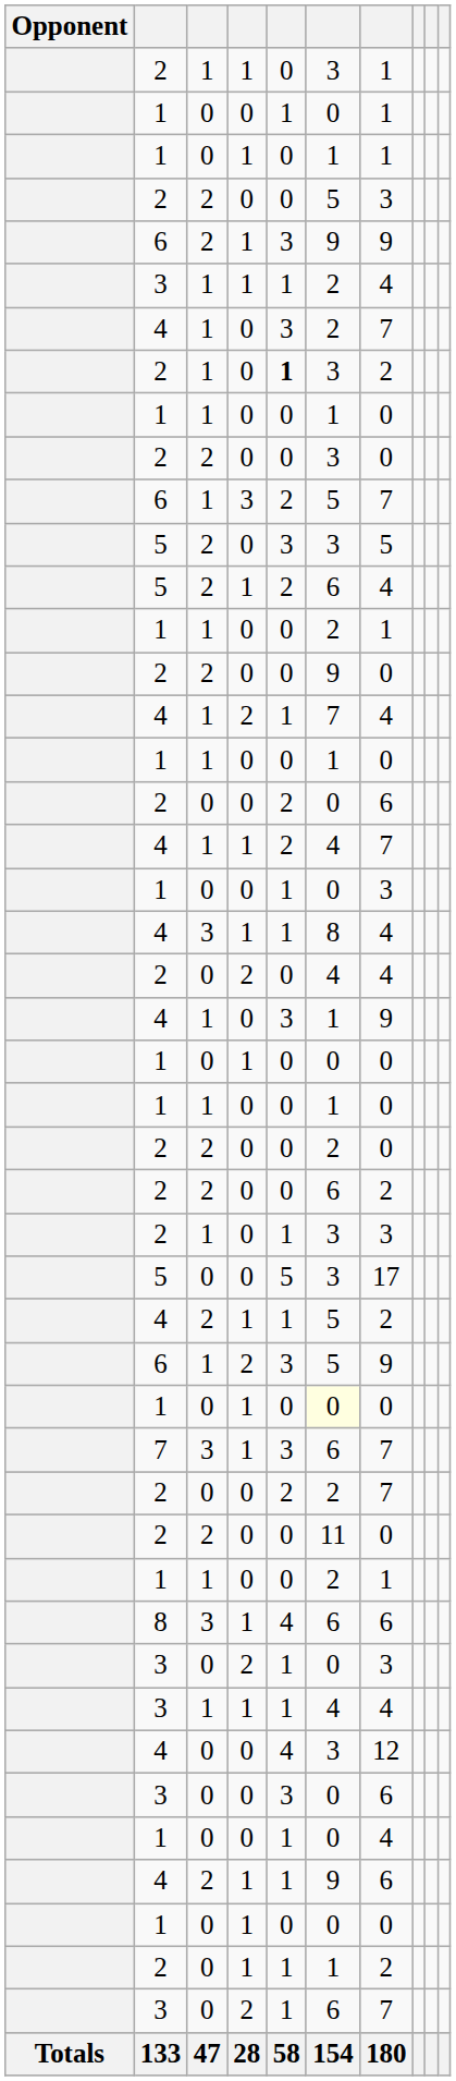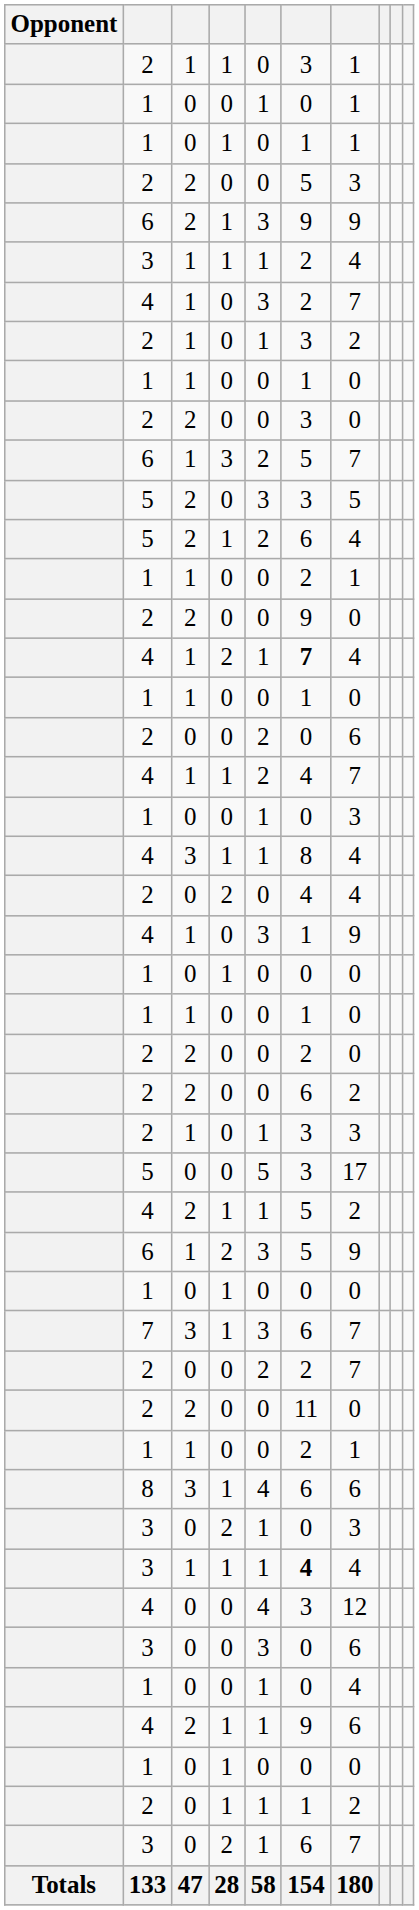 <table class="wikitable sortable plainrowheaders" style="text-align:center">
 <tr>
 <th scope=col>Opponent</th>
 <th scope=col></th>
 <th scope=col></th>
 <th scope=col></th>
 <th scope=col></th>
 <th scope=col></th>
 <th scope=col></th>
 <th scope=col></th>
 <th scope=col></th>
 <th scope=col></th>
 </tr>
 <tr>
 <th style="text-align:left;"scope=row></th>
 <td>2</td>
 <td>1</td>
 <td>1</td>
 <td>0</td>
 <td>3</td>
 <td>1</td>
 <td></td>
 <td></td>
 <td></td>
 </tr>
 <tr>
 <th style="text-align:left;"scope=row></th>
 <td>1</td>
 <td>0</td>
 <td>0</td>
 <td>1</td>
 <td>0</td>
 <td>1</td>
 <td></td>
 <td></td>
 <td></td>
 </tr>
 <tr>
 <th style="text-align:left;"scope=row></th>
 <td>1</td>
 <td>0</td>
 <td>1</td>
 <td>0</td>
 <td>1</td>
 <td>1</td>
 <td></td>
 <td></td>
 <td></td>
 </tr>
 <tr>
 <th style="text-align:left;"scope=row></th>
 <td>2</td>
 <td>2</td>
 <td>0</td>
 <td>0</td>
 <td>5</td>
 <td>3</td>
 <td></td>
 <td></td>
 <td></td>
 </tr>
 <tr>
 <th style="text-align:left;"scope=row></th>
 <td>6</td>
 <td>2</td>
 <td>1</td>
 <td>3</td>
 <td>9</td>
 <td>9</td>
 <td></td>
 <td></td>
 <td></td>
 </tr>
 <tr>
 <th style="text-align:left;"scope=row></th>
 <td>3</td>
 <td>1</td>
 <td>1</td>
 <td>1</td>
 <td>2</td>
 <td>4</td>
 <td></td>
 <td></td>
 <td></td>
 </tr>
 <tr>
 <th style="text-align:left;"scope=row></th>
 <td>4</td>
 <td>1</td>
 <td>0</td>
 <td>3</td>
 <td>2</td>
 <td>7</td>
 <td></td>
 <td></td>
 <td></td>
 </tr>
 <tr>
 <th style="text-align:left;"scope=row></th>
 <td>2</td>
 <td>1</td>
 <td>0</td>
-<td><strong>1</strong></td>
+<td>1</td>
 <td>3</td>
 <td>2</td>
 <td></td>
 <td></td>
 <td></td>
 </tr>
 <tr>
 <th style="text-align:left;"scope=row></th>
 <td>1</td>
 <td>1</td>
 <td>0</td>
 <td>0</td>
 <td>1</td>
 <td>0</td>
 <td></td>
 <td></td>
 <td></td>
 </tr>
 <tr>
 <th style="text-align:left;"scope=row></th>
 <td>2</td>
 <td>2</td>
 <td>0</td>
 <td>0</td>
 <td>3</td>
 <td>0</td>
 <td></td>
 <td></td>
 <td></td>
 </tr>
 <tr>
 <th style="text-align:left;"scope=row></th>
 <td>6</td>
 <td>1</td>
 <td>3</td>
 <td>2</td>
 <td>5</td>
 <td>7</td>
 <td></td>
 <td></td>
 <td></td>
 </tr>
 <tr>
 <th style="text-align:left;"scope=row></th>
 <td>5</td>
 <td>2</td>
 <td>0</td>
 <td>3</td>
 <td>3</td>
 <td>5</td>
 <td></td>
 <td></td>
 <td></td>
 </tr>
 <tr>
 <th style="text-align:left;"scope=row></th>
 <td>5</td>
 <td>2</td>
 <td>1</td>
 <td>2</td>
 <td>6</td>
 <td>4</td>
 <td></td>
 <td></td>
 <td></td>
 </tr>
 <tr>
 <th style="text-align:left;"scope=row></th>
 <td>1</td>
 <td>1</td>
 <td>0</td>
 <td>0</td>
 <td>2</td>
 <td>1</td>
 <td></td>
 <td></td>
 <td></td>
 </tr>
 <tr>
 <th style="text-align:left;"scope=row></th>
 <td>2</td>
 <td>2</td>
 <td>0</td>
 <td>0</td>
 <td>9</td>
 <td>0</td>
 <td></td>
 <td></td>
 <td></td>
 </tr>
 <tr>
 <th style="text-align:left;"scope=row></th>
 <td>4</td>
 <td>1</td>
 <td>2</td>
 <td>1</td>
-<td>7</td>
+<td><strong>7</strong></td>
 <td>4</td>
 <td></td>
 <td></td>
 <td></td>
 </tr>
 <tr>
 <th style="text-align:left;"scope=row></th>
 <td>1</td>
 <td>1</td>
 <td>0</td>
 <td>0</td>
 <td>1</td>
 <td>0</td>
 <td></td>
 <td></td>
 <td></td>
 </tr>
 <tr>
 <th style="text-align:left;"scope=row></th>
 <td>2</td>
 <td>0</td>
 <td>0</td>
 <td>2</td>
 <td>0</td>
 <td>6</td>
 <td></td>
 <td></td>
 <td></td>
 </tr>
 <tr>
 <th style="text-align:left;"scope=row></th>
 <td>4</td>
 <td>1</td>
 <td>1</td>
 <td>2</td>
 <td>4</td>
 <td>7</td>
 <td></td>
 <td></td>
 <td></td>
 </tr>
 <tr>
 <th style="text-align:left;"scope=row></th>
 <td>1</td>
 <td>0</td>
 <td>0</td>
 <td>1</td>
 <td>0</td>
 <td>3</td>
 <td></td>
 <td></td>
 <td></td>
 </tr>
 <tr>
 <th style="text-align:left;"scope=row></th>
 <td>4</td>
 <td>3</td>
 <td>1</td>
 <td>1</td>
 <td>8</td>
 <td>4</td>
 <td></td>
 <td></td>
 <td></td>
 </tr>
 <tr>
 <th style="text-align:left;"scope=row></th>
 <td>2</td>
 <td>0</td>
 <td>2</td>
 <td>0</td>
 <td>4</td>
 <td>4</td>
 <td></td>
 <td></td>
 <td></td>
 </tr>
 <tr>
 <th style="text-align:left;"scope=row></th>
 <td>4</td>
 <td>1</td>
 <td>0</td>
 <td>3</td>
 <td>1</td>
 <td>9</td>
 <td></td>
 <td></td>
 <td></td>
 </tr>
 <tr>
 <th style="text-align:left;"scope=row></th>
 <td>1</td>
 <td>0</td>
 <td>1</td>
 <td>0</td>
 <td>0</td>
 <td>0</td>
 <td></td>
 <td></td>
 <td></td>
 </tr>
 <tr>
 <th style="text-align:left;"scope=row></th>
 <td>1</td>
 <td>1</td>
 <td>0</td>
 <td>0</td>
 <td>1</td>
 <td>0</td>
 <td></td>
 <td></td>
 <td></td>
 </tr>
 <tr>
 <th style="text-align:left;"scope=row></th>
 <td>2</td>
 <td>2</td>
 <td>0</td>
 <td>0</td>
 <td>2</td>
 <td>0</td>
 <td></td>
 <td></td>
 <td></td>
 </tr>
 <tr>
 <th style="text-align:left;"scope=row></th>
 <td>2</td>
 <td>2</td>
 <td>0</td>
 <td>0</td>
 <td>6</td>
 <td>2</td>
 <td></td>
 <td></td>
 <td></td>
 </tr>
 <tr>
 <th style="text-align:left;"scope=row></th>
 <td>2</td>
 <td>1</td>
 <td>0</td>
 <td>1</td>
 <td>3</td>
 <td>3</td>
 <td></td>
 <td></td>
 <td></td>
 </tr>
 <tr>
 <th style="text-align:left;"scope=row></th>
 <td>5</td>
 <td>0</td>
 <td>0</td>
 <td>5</td>
 <td>3</td>
 <td>17</td>
 <td></td>
 <td></td>
 <td></td>
 </tr>
 <tr>
 <th style="text-align:left;"scope=row></th>
 <td>4</td>
 <td>2</td>
 <td>1</td>
 <td>1</td>
 <td>5</td>
 <td>2</td>
 <td></td>
 <td></td>
 <td></td>
 </tr>
 <tr>
 <th style="text-align:left;"scope=row></th>
 <td>6</td>
 <td>1</td>
 <td>2</td>
 <td>3</td>
 <td>5</td>
 <td>9</td>
 <td></td>
 <td></td>
 <td></td>
 </tr>
 <tr>
 <th style="text-align:left;"scope=row></th>
 <td>1</td>
 <td>0</td>
 <td>1</td>
 <td>0</td>
-<td style="background: lightyellow;">0</td>
+<td>0</td>
 <td>0</td>
 <td></td>
 <td></td>
 <td></td>
 </tr>
 <tr>
 <th style="text-align:left;"scope=row></th>
 <td>7</td>
 <td>3</td>
 <td>1</td>
 <td>3</td>
 <td>6</td>
 <td>7</td>
 <td></td>
 <td></td>
 <td></td>
 </tr>
 <tr>
 <th style="text-align:left;"scope=row></th>
 <td>2</td>
 <td>0</td>
 <td>0</td>
 <td>2</td>
 <td>2</td>
 <td>7</td>
 <td></td>
 <td></td>
 <td></td>
 </tr>
 <tr>
 <th style="text-align:left;"scope=row></th>
 <td>2</td>
 <td>2</td>
 <td>0</td>
 <td>0</td>
 <td>11</td>
 <td>0</td>
 <td></td>
 <td></td>
 <td></td>
 </tr>
 <tr>
 <th style="text-align:left;"scope=row></th>
 <td>1</td>
 <td>1</td>
 <td>0</td>
 <td>0</td>
 <td>2</td>
 <td>1</td>
 <td></td>
 <td></td>
 <td></td>
 </tr>
 <tr>
 <th style="text-align:left;"scope=row></th>
 <td>8</td>
 <td>3</td>
 <td>1</td>
 <td>4</td>
 <td>6</td>
 <td>6</td>
 <td></td>
 <td></td>
 <td></td>
 </tr>
 <tr>
 <th style="text-align:left;"scope=row></th>
 <td>3</td>
 <td>0</td>
 <td>2</td>
 <td>1</td>
 <td>0</td>
 <td>3</td>
 <td></td>
 <td></td>
 <td></td>
 </tr>
 <tr>
 <th style="text-align:left;"scope=row></th>
 <td>3</td>
 <td>1</td>
 <td>1</td>
 <td>1</td>
-<td>4</td>
+<td><strong>4</strong></td>
 <td>4</td>
 <td></td>
 <td></td>
 <td></td>
 </tr>
 <tr>
 <th style="text-align:left;"scope=row></th>
 <td>4</td>
 <td>0</td>
 <td>0</td>
 <td>4</td>
 <td>3</td>
 <td>12</td>
 <td></td>
 <td></td>
 <td></td>
 </tr>
 <tr>
 <th style="text-align:left;"scope=row></th>
 <td>3</td>
 <td>0</td>
 <td>0</td>
 <td>3</td>
 <td>0</td>
 <td>6</td>
 <td></td>
 <td></td>
 <td></td>
 </tr>
 <tr>
 <th style="text-align:left;"scope=row></th>
 <td>1</td>
 <td>0</td>
 <td>0</td>
 <td>1</td>
 <td>0</td>
 <td>4</td>
 <td></td>
 <td></td>
 <td></td>
 </tr>
 <tr>
 <th style="text-align:left;"scope=row></th>
 <td>4</td>
 <td>2</td>
 <td>1</td>
 <td>1</td>
 <td>9</td>
 <td>6</td>
 <td></td>
 <td></td>
 <td></td>
 </tr>
 <tr>
 <th style="text-align:left;"scope=row></th>
 <td>1</td>
 <td>0</td>
 <td>1</td>
 <td>0</td>
 <td>0</td>
 <td>0</td>
 <td></td>
 <td></td>
 <td></td>
 </tr>
 <tr>
 <th style="text-align:left;"scope=row></th>
 <td>2</td>
 <td>0</td>
 <td>1</td>
 <td>1</td>
 <td>1</td>
 <td>2</td>
 <td></td>
 <td></td>
 <td></td>
 </tr>
 <tr>
 <th style="text-align:left;"scope=row></th>
 <td>3</td>
 <td>0</td>
 <td>2</td>
 <td>1</td>
 <td>6</td>
 <td>7</td>
 <td></td>
 <td></td>
 <td></td>
 </tr>
 <tr class="sortbottom">
 <th>Totals</th>
 <th>133</th>
 <th>47</th>
 <th>28</th>
 <th>58</th>
 <th>154</th>
 <th>180</th>
 <th></th>
 <th></th>
 <th></th>
 </tr>
 </table>
